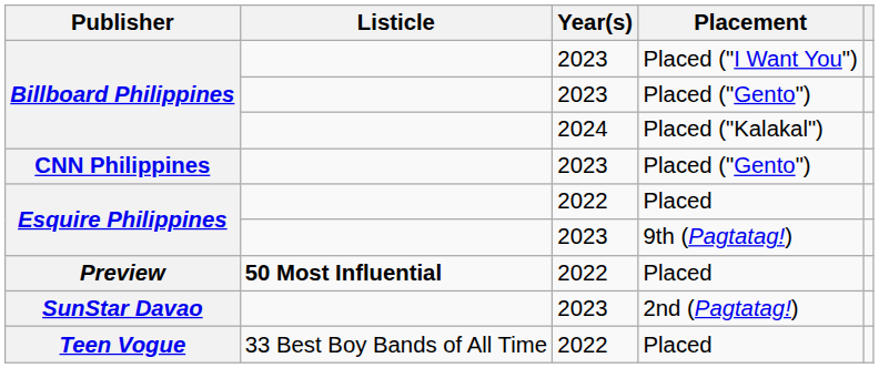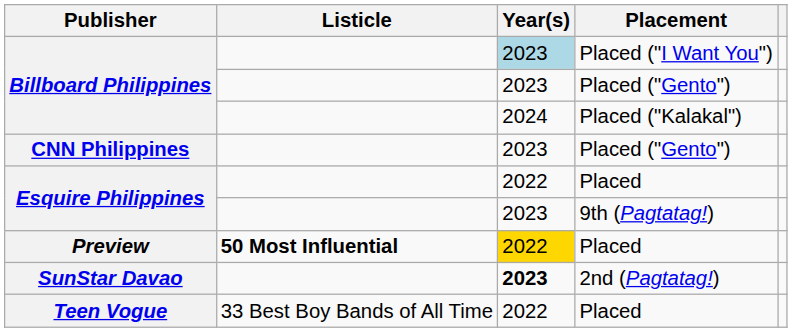 <table class="wikitable plainrowheaders sortable" style="margin-right: 0;">
 <tr>
 <th scope="col">Publisher</th>
 <th scope="col">Listicle</th>
 <th scope="col">Year(s)</th>
 <th scope="col">Placement</th>
 <th scope="col" class="unsortable"></th>
 </tr>
 <tr>
 <th rowspan="3" scope="rowgroup"><em><a href='#'>Billboard Philippines</a></em></th>
 <td></td>
-<td>2023</td>
+<td style="background: lightblue;">2023</td>
 <td>Placed ("<a href='#'>I Want You</a>")</td>
 <td style="text-align:center;"></td>
 </tr>
 <tr>
 <td></td>
 <td>2023</td>
 <td>Placed ("<a href='#'>Gento</a>")</td>
 <td style="text-align:center;"></td>
 </tr>
 <tr>
 <td></td>
 <td>2024</td>
 <td>Placed ("Kalakal")</td>
 <td style="text-align:center;"></td>
 </tr>
 <tr>
 <th scope="row"><a href='#'>CNN Philippines</a></th>
 <td></td>
 <td>2023</td>
 <td>Placed ("<a href='#'>Gento</a>")</td>
 <td style="text-align:center;"></td>
 </tr>
 <tr>
 <th rowspan="2" scope="rowgroup"><a href='#'><em>Esquire Philippines</em></a></th>
 <td></td>
 <td>2022</td>
 <td>Placed</td>
 <td style="text-align:center;"></td>
 </tr>
 <tr>
 <td></td>
 <td>2023</td>
 <td>9th (<em><a href='#'>Pagtatag!</a></em>)</td>
 <td style="text-align:center;"></td>
 </tr>
 <tr>
 <th scope="row"><em>Preview</em></th>
 <td><strong>50 Most Influential</strong></td>
-<td>2022</td>
+<td style="background: gold;">2022</td>
 <td>Placed</td>
 <td style="text-align:center;"></td>
 </tr>
 <tr>
 <th scope="row"><em><a href='#'>SunStar Davao</a></em></th>
 <td></td>
-<td>2023</td>
+<td><strong>2023</strong></td>
 <td>2nd (<em><a href='#'>Pagtatag!</a></em>)</td>
 <td style="text-align:center;"></td>
 </tr>
 <tr>
 <th scope="row"><em><a href='#'>Teen Vogue</a></em></th>
 <td>33 Best Boy Bands of All Time</td>
 <td>2022</td>
 <td>Placed</td>
 <td style="text-align:center;"></td>
 </tr>
 </table>
